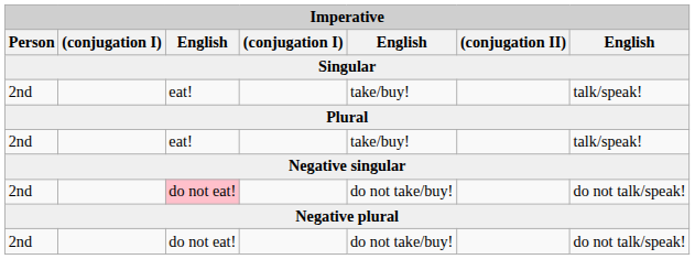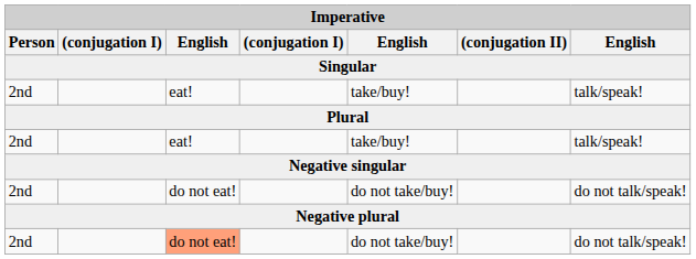 <table class="wikitable">
 <tr>
 <th colspan="7" style="background:#cfcfcf;">Imperative</th>
 </tr>
 <tr style="background:#dfdfdf;" |>
 <th>Person</th>
 <th> (conjugation I)</th>
 <th>English</th>
 <th> (conjugation I)</th>
 <th>English</th>
 <th> (conjugation II)</th>
 <th>English</th>
 </tr>
 <tr>
 <th colspan="7" style="background:#efefef">Singular</th>
 </tr>
 <tr>
 <td>2nd</td>
 <td></td>
 <td>eat!</td>
 <td></td>
 <td>take/buy!</td>
 <td></td>
 <td>talk/speak!</td>
 </tr>
 <tr>
 <th colspan="7" style="background:#efefef">Plural</th>
 </tr>
 <tr>
 <td>2nd</td>
 <td></td>
 <td>eat!</td>
 <td></td>
 <td>take/buy!</td>
 <td></td>
 <td>talk/speak!</td>
 </tr>
 <tr>
 <th colspan="7" style="background:#efefef">Negative singular</th>
 </tr>
 <tr>
 <td>2nd</td>
 <td></td>
-<td style="background: pink;">do not eat!</td>
+<td>do not eat!</td>
 <td></td>
 <td>do not take/buy!</td>
 <td></td>
 <td>do not talk/speak!</td>
 </tr>
 <tr>
 <th colspan="7" style="background:#efefef">Negative plural</th>
 </tr>
 <tr>
 <td>2nd</td>
 <td></td>
-<td>do not eat!</td>
+<td style="background: lightsalmon;">do not eat!</td>
 <td></td>
 <td>do not take/buy!</td>
 <td></td>
 <td>do not talk/speak!</td>
 </tr>
 </table>
